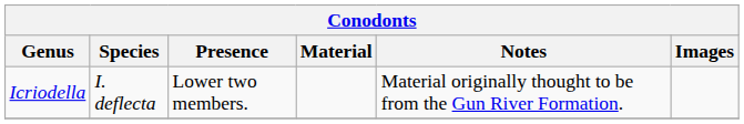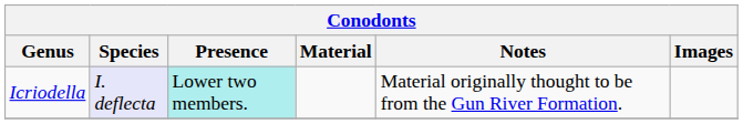 <table class="wikitable" align="center">
 <tr>
 <th colspan="6" align="center"><strong><a href='#'>Conodonts</a></strong></th>
 </tr>
 <tr>
 <th>Genus</th>
 <th>Species</th>
 <th>Presence</th>
 <th><strong>Material</strong></th>
 <th>Notes</th>
 <th>Images</th>
 </tr>
 <tr>
 <td><em><a href='#'>Icriodella</a></em></td>
-<td><em>I. deflecta</em></td>
-<td>Lower two members.</td>
+<td style="background: lavender;"><em>I. deflecta</em></td>
+<td style="background: paleturquoise;">Lower two members.</td>
 <td></td>
 <td>Material originally thought to be from the <a href='#'>Gun River Formation</a>.</td>
 <td></td>
 </tr>
 <tr>
 </tr>
 </table>
